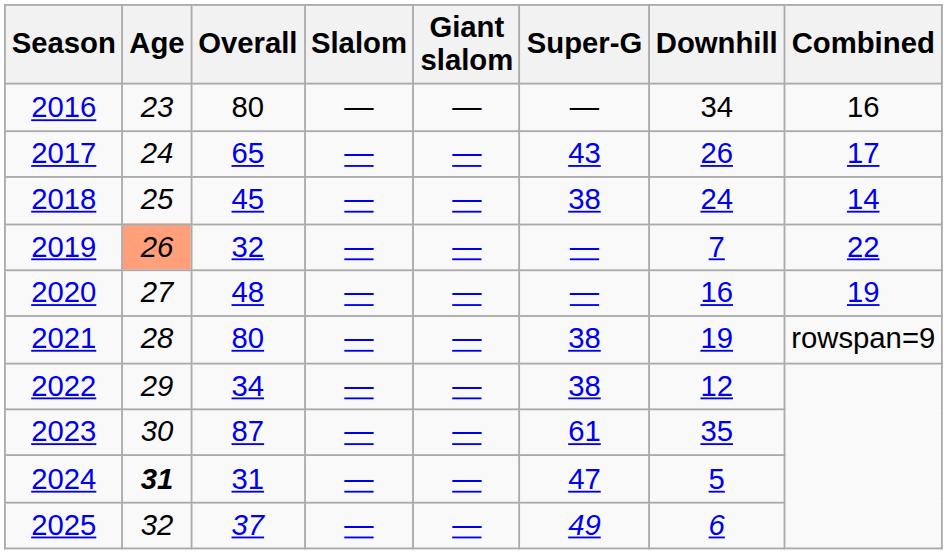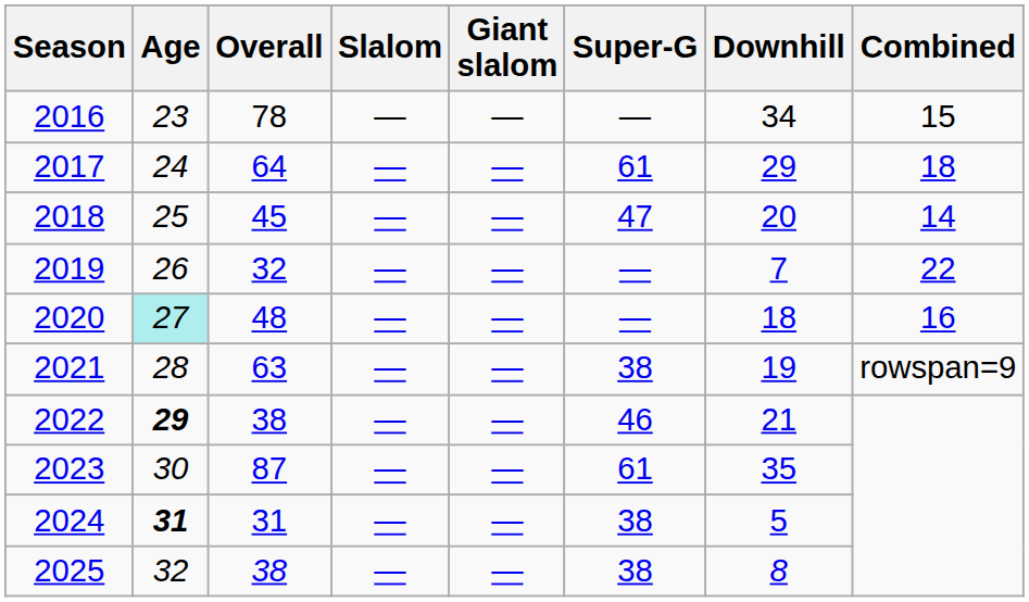 <table class=wikitable style="text-align:center">
 <tr>
 <th>Season</th>
 <th>Age</th>
 <th>Overall</th>
 <th>Slalom</th>
 <th>Giant<br>slalom</th>
 <th>Super-G</th>
 <th>Downhill</th>
 <th>Combined</th>
 </tr>
 <tr>
 <td><a href='#'>2016</a></td>
 <td><em>23</em></td>
-<td>80</td>
+<td>78</td>
 <td>—</td>
 <td>—</td>
 <td>—</td>
 <td>34</td>
-<td>16</td>
+<td>15</td>
 </tr>
 <tr>
 <td><a href='#'>2017</a></td>
 <td><em>24</em></td>
-<td><a href='#'>65</a></td>
+<td><a href='#'>64</a></td>
 <td><a href='#'>—</a></td>
 <td><a href='#'>—</a></td>
-<td><a href='#'>43</a></td>
-<td><a href='#'>26</a></td>
-<td><a href='#'>17</a></td>
+<td><a href='#'>61</a></td>
+<td><a href='#'>29</a></td>
+<td><a href='#'>18</a></td>
 </tr>
 <tr>
 <td><a href='#'>2018</a></td>
 <td><em>25</em></td>
 <td><a href='#'>45</a></td>
 <td><a href='#'>—</a></td>
 <td><a href='#'>—</a></td>
-<td><a href='#'>38</a></td>
-<td><a href='#'>24</a></td>
+<td><a href='#'>47</a></td>
+<td><a href='#'>20</a></td>
 <td><a href='#'>14</a></td>
 </tr>
 <tr>
 <td><a href='#'>2019</a></td>
-<td style="background: lightsalmon;"><em>26</em></td>
+<td><em>26</em></td>
 <td><a href='#'>32</a></td>
 <td><a href='#'>—</a></td>
 <td><a href='#'>—</a></td>
 <td><a href='#'>—</a></td>
 <td><a href='#'>7</a></td>
 <td><a href='#'>22</a></td>
 </tr>
 <tr>
 <td><a href='#'>2020</a></td>
-<td><em>27</em></td>
+<td style="background: paleturquoise;"><em>27</em></td>
 <td><a href='#'>48</a></td>
 <td><a href='#'>—</a></td>
 <td><a href='#'>—</a></td>
 <td><a href='#'>—</a></td>
+<td><a href='#'>18</a></td>
 <td><a href='#'>16</a></td>
-<td><a href='#'>19</a></td>
 </tr>
 <tr>
 <td><a href='#'>2021</a></td>
 <td><em>28</em></td>
-<td><a href='#'>80</a></td>
+<td><a href='#'>63</a></td>
 <td><a href='#'>—</a></td>
 <td><a href='#'>—</a></td>
 <td><a href='#'>38</a></td>
 <td><a href='#'>19</a></td>
 <td>rowspan=9 </td>
 </tr>
 <tr>
 <td><a href='#'>2022</a></td>
-<td><em>29</em></td>
-<td><a href='#'>34</a></td>
+<td><strong><em>29</em></strong></td>
+<td><a href='#'>38</a></td>
 <td><a href='#'>—</a></td>
 <td><a href='#'>—</a></td>
-<td><a href='#'>38</a></td>
-<td><a href='#'>12</a></td>
+<td><a href='#'>46</a></td>
+<td><a href='#'>21</a></td>
 </tr>
 <tr>
 <td><a href='#'>2023</a></td>
 <td><em>30</em></td>
 <td><a href='#'>87</a></td>
 <td><a href='#'>—</a></td>
 <td><a href='#'>—</a></td>
 <td><a href='#'>61</a></td>
 <td><a href='#'>35</a></td>
 </tr>
 <tr>
 <td><a href='#'>2024</a></td>
 <td><strong><em>31</em></strong></td>
 <td><a href='#'>31</a></td>
 <td><a href='#'>—</a></td>
 <td><a href='#'>—</a></td>
-<td><a href='#'>47</a></td>
+<td><a href='#'>38</a></td>
 <td><a href='#'>5</a></td>
 </tr>
 <tr>
 <td><a href='#'>2025</a></td>
 <td><em>32</em></td>
-<td><a href='#'><em>37</em></a></td>
+<td><a href='#'><em>38</em></a></td>
 <td><a href='#'>—</a></td>
 <td><a href='#'>—</a></td>
-<td><a href='#'><em>49</em></a></td>
-<td><a href='#'><em>6</em></a></td>
+<td><a href='#'>38</a></td>
+<td><a href='#'><em>8</em></a></td>
 </tr>
 </table>
